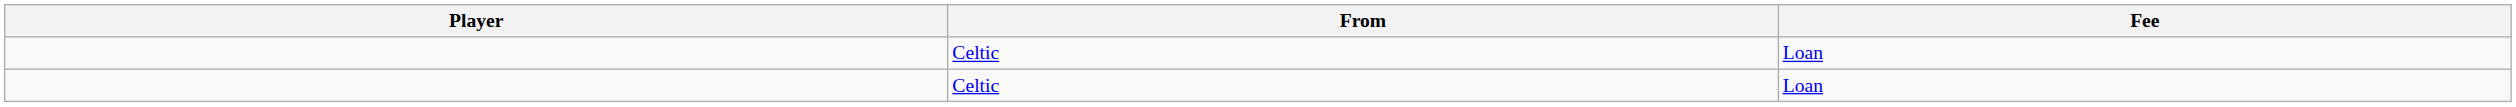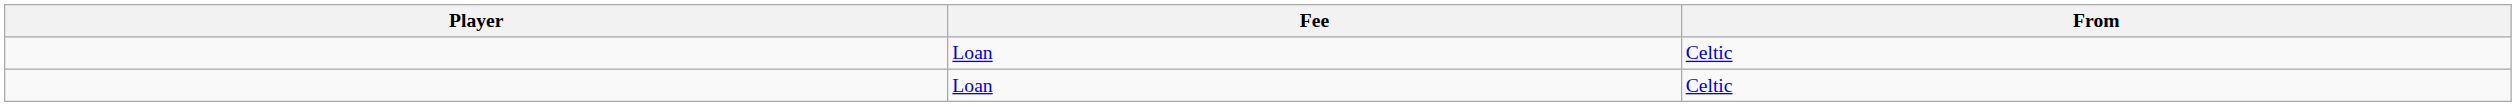 <table class="wikitable" style="text-align:center; font-size:95%;width:98%; text-align:left">
 <tr>
 <th>Player</th>
+<th>Fee</th>
 <th>From</th>
-<th>Fee</th>
 </tr>
 <tr>
 <td> </td>
+<td><a href='#'>Loan</a></td>
 <td> <a href='#'>Celtic</a></td>
-<td><a href='#'>Loan</a></td>
 </tr>
 <tr>
 <td> </td>
+<td><a href='#'>Loan</a></td>
 <td> <a href='#'>Celtic</a></td>
-<td><a href='#'>Loan</a></td>
 </tr>
 </table>
